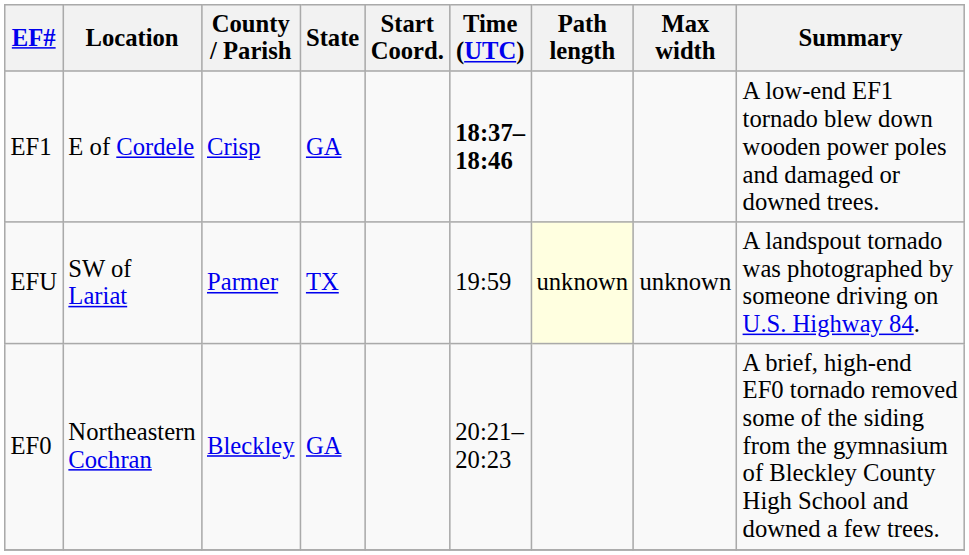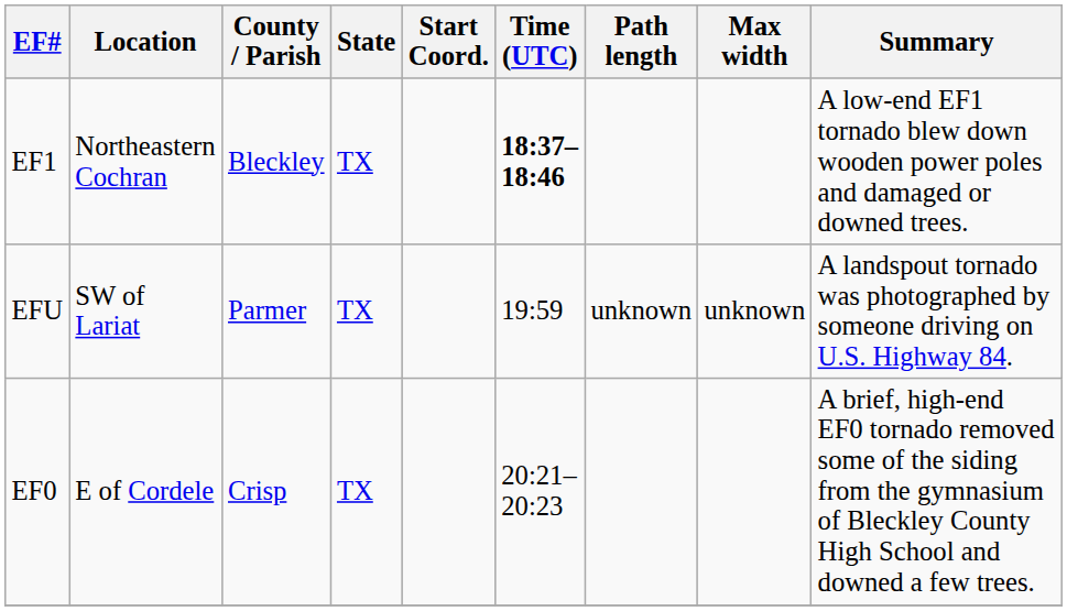 <table class="wikitable sortable" style="width:100%;">
 <tr>
 <th scope="col" style="width:3%; text-align:center;"><a href='#'>EF#</a></th>
 <th scope="col" style="width:7%; text-align:center;" class="unsortable">Location</th>
 <th scope="col" style="width:6%; text-align:center;" class="unsortable">County / Parish</th>
 <th scope="col" style="width:5%; text-align:center;">State</th>
 <th scope="col" style="width:6%; text-align:center;">Start Coord.</th>
 <th scope="col" style="width:6%; text-align:center;">Time (<a href='#'>UTC</a>)</th>
 <th scope="col" style="width:6%; text-align:center;">Path length</th>
 <th scope="col" style="width:6%; text-align:center;">Max width</th>
 <th scope="col" class="unsortable" style="width:48%; text-align:center;">Summary</th>
 </tr>
 <tr>
 <td>EF1</td>
-<td>E of <a href='#'>Cordele</a></td>
-<td><a href='#'>Crisp</a></td>
-<td><a href='#'>GA</a></td>
+<td>Northeastern <a href='#'>Cochran</a></td>
+<td><a href='#'>Bleckley</a></td>
+<td><a href='#'>TX</a></td>
 <td></td>
 <td><strong>18:37–18:46</strong></td>
 <td></td>
 <td></td>
 <td>A low-end EF1 tornado blew down wooden power poles and damaged or downed trees.</td>
 </tr>
 <tr>
 <td>EFU</td>
 <td>SW of <a href='#'>Lariat</a></td>
 <td><a href='#'>Parmer</a></td>
 <td><a href='#'>TX</a></td>
 <td></td>
 <td>19:59</td>
-<td style="background: lightyellow;">unknown</td>
+<td>unknown</td>
 <td>unknown</td>
 <td>A landspout tornado was photographed by someone driving on <a href='#'>U.S. Highway 84</a>.</td>
 </tr>
 <tr>
 <td>EF0</td>
-<td>Northeastern <a href='#'>Cochran</a></td>
-<td><a href='#'>Bleckley</a></td>
-<td><a href='#'>GA</a></td>
+<td>E of <a href='#'>Cordele</a></td>
+<td><a href='#'>Crisp</a></td>
+<td><a href='#'>TX</a></td>
 <td></td>
 <td>20:21–20:23</td>
 <td></td>
 <td></td>
 <td>A brief, high-end EF0 tornado removed some of the siding from the gymnasium of Bleckley County High School and downed a few trees.</td>
 </tr>
 <tr>
 </tr>
 </table>
